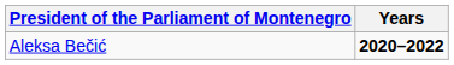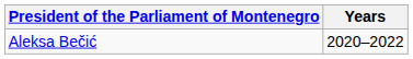 <table class=wikitable>
 <tr>
 <th><a href='#'>President of the Parliament of Montenegro</a></th>
 <th>Years</th>
 </tr>
 <tr>
 <td><a href='#'>Aleksa Bečić</a></td>
-<td><strong>2020–2022</strong></td>
+<td>2020–2022</td>
 </tr>
 </table>
